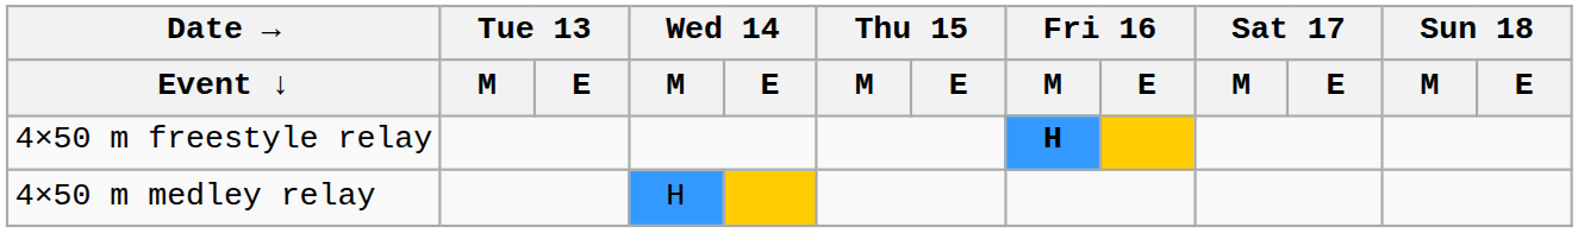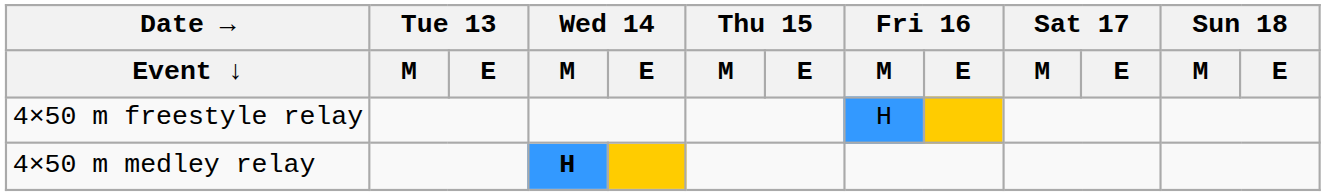 <table class="wikitable" style="margin:0.5em auto; font-size:95%; line-height:1.25em;">
 <tr style="text-align:center;">
 <th>Date →</th>
 <th colspan="2">Tue 13</th>
 <th colspan="2">Wed 14</th>
 <th colspan="2">Thu 15</th>
 <th colspan="2">Fri 16</th>
 <th colspan="2">Sat 17</th>
 <th colspan="2">Sun 18</th>
 </tr>
 <tr>
 <th>Event   ↓</th>
 <th style="width:2.5em;">M</th>
 <th style="width:2.5em;">E</th>
 <th style="width:2.5em;">M</th>
 <th style="width:2.5em;">E</th>
 <th style="width:2.5em;">M</th>
 <th style="width:2.5em;">E</th>
 <th style="width:2.5em;">M</th>
 <th style="width:2.5em;">E</th>
 <th style="width:2.5em;">M</th>
 <th style="width:2.5em;">E</th>
 <th style="width:2.5em;">M</th>
 <th style="width:2.5em;">E</th>
 </tr>
 <tr style="text-align:center;">
 <td style="text-align:left;">4×50 m freestyle relay</td>
 <td colspan="2"></td>
 <td colspan="2"></td>
 <td colspan="2"></td>
-<td style="background-color:#3399ff;"><strong>H</strong></td>
+<td style="background-color:#3399ff;">H</td>
 <td style="background-color:#ffcc00;"></td>
 <td colspan="2"></td>
 <td colspan="2"></td>
 </tr>
 <tr style="text-align:center;">
 <td style="text-align:left;">4×50 m medley relay</td>
 <td colspan="2"></td>
-<td style="background-color:#3399ff;">H</td>
+<td style="background-color:#3399ff;"><strong>H</strong></td>
 <td style="background-color:#ffcc00;"></td>
 <td colspan="2"></td>
 <td colspan="2"></td>
 <td colspan="2"></td>
 <td colspan="2"></td>
 </tr>
 </table>
